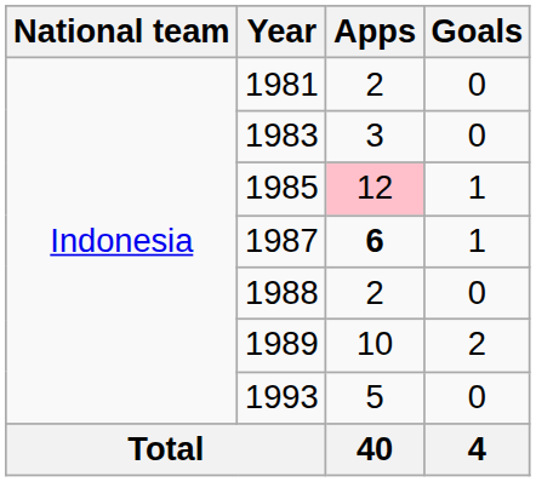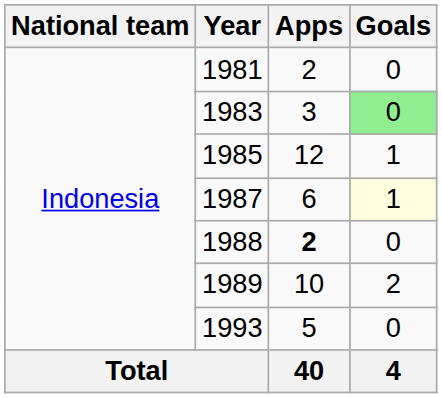 <table class="wikitable" style="text-align:center">
 <tr>
 <th>National team</th>
 <th>Year</th>
 <th>Apps</th>
 <th>Goals</th>
 </tr>
 <tr>
 <td rowspan="7"><a href='#'>Indonesia</a></td>
 <td>1981</td>
 <td>2</td>
 <td>0</td>
 </tr>
 <tr>
 <td>1983</td>
 <td>3</td>
-<td>0</td>
+<td style="background: lightgreen;">0</td>
 </tr>
 <tr>
 <td>1985</td>
-<td style="background: pink;">12</td>
+<td>12</td>
 <td>1</td>
 </tr>
 <tr>
 <td>1987</td>
-<td><strong>6</strong></td>
-<td>1</td>
+<td>6</td>
+<td style="background: lightyellow;">1</td>
 </tr>
 <tr>
 <td>1988</td>
-<td>2</td>
+<td><strong>2</strong></td>
 <td>0</td>
 </tr>
 <tr>
 <td>1989</td>
 <td>10</td>
 <td>2</td>
 </tr>
 <tr>
 <td>1993</td>
 <td>5</td>
 <td>0</td>
 </tr>
 <tr>
 <th colspan="2">Total</th>
 <th>40</th>
 <th>4</th>
 </tr>
 </table>
